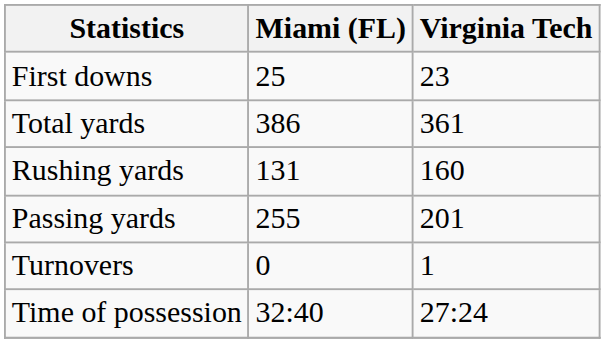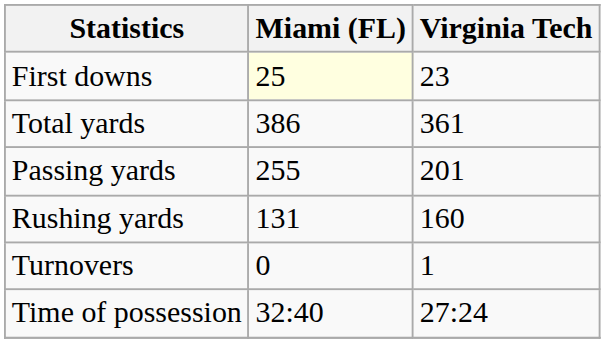 <table class="wikitable">
 <tr>
 <th>Statistics</th>
 <th>Miami (FL)</th>
 <th>Virginia Tech</th>
 </tr>
 <tr>
 <td>First downs</td>
-<td>25</td>
+<td style="background: lightyellow;">25</td>
 <td>23</td>
 </tr>
 <tr>
 <td>Total yards</td>
 <td>386</td>
 <td>361</td>
 </tr>
 <tr>
+<td>Passing yards</td>
+<td>255</td>
+<td>201</td>
+</tr>
+<tr>
 <td>Rushing yards</td>
 <td>131</td>
 <td>160</td>
-</tr>
-<tr>
-<td>Passing yards</td>
-<td>255</td>
-<td>201</td>
 </tr>
 <tr>
 <td>Turnovers</td>
 <td>0</td>
 <td>1</td>
 </tr>
 <tr>
 <td>Time of possession</td>
 <td>32:40</td>
 <td>27:24</td>
 </tr>
 <tr>
 </tr>
 </table>
